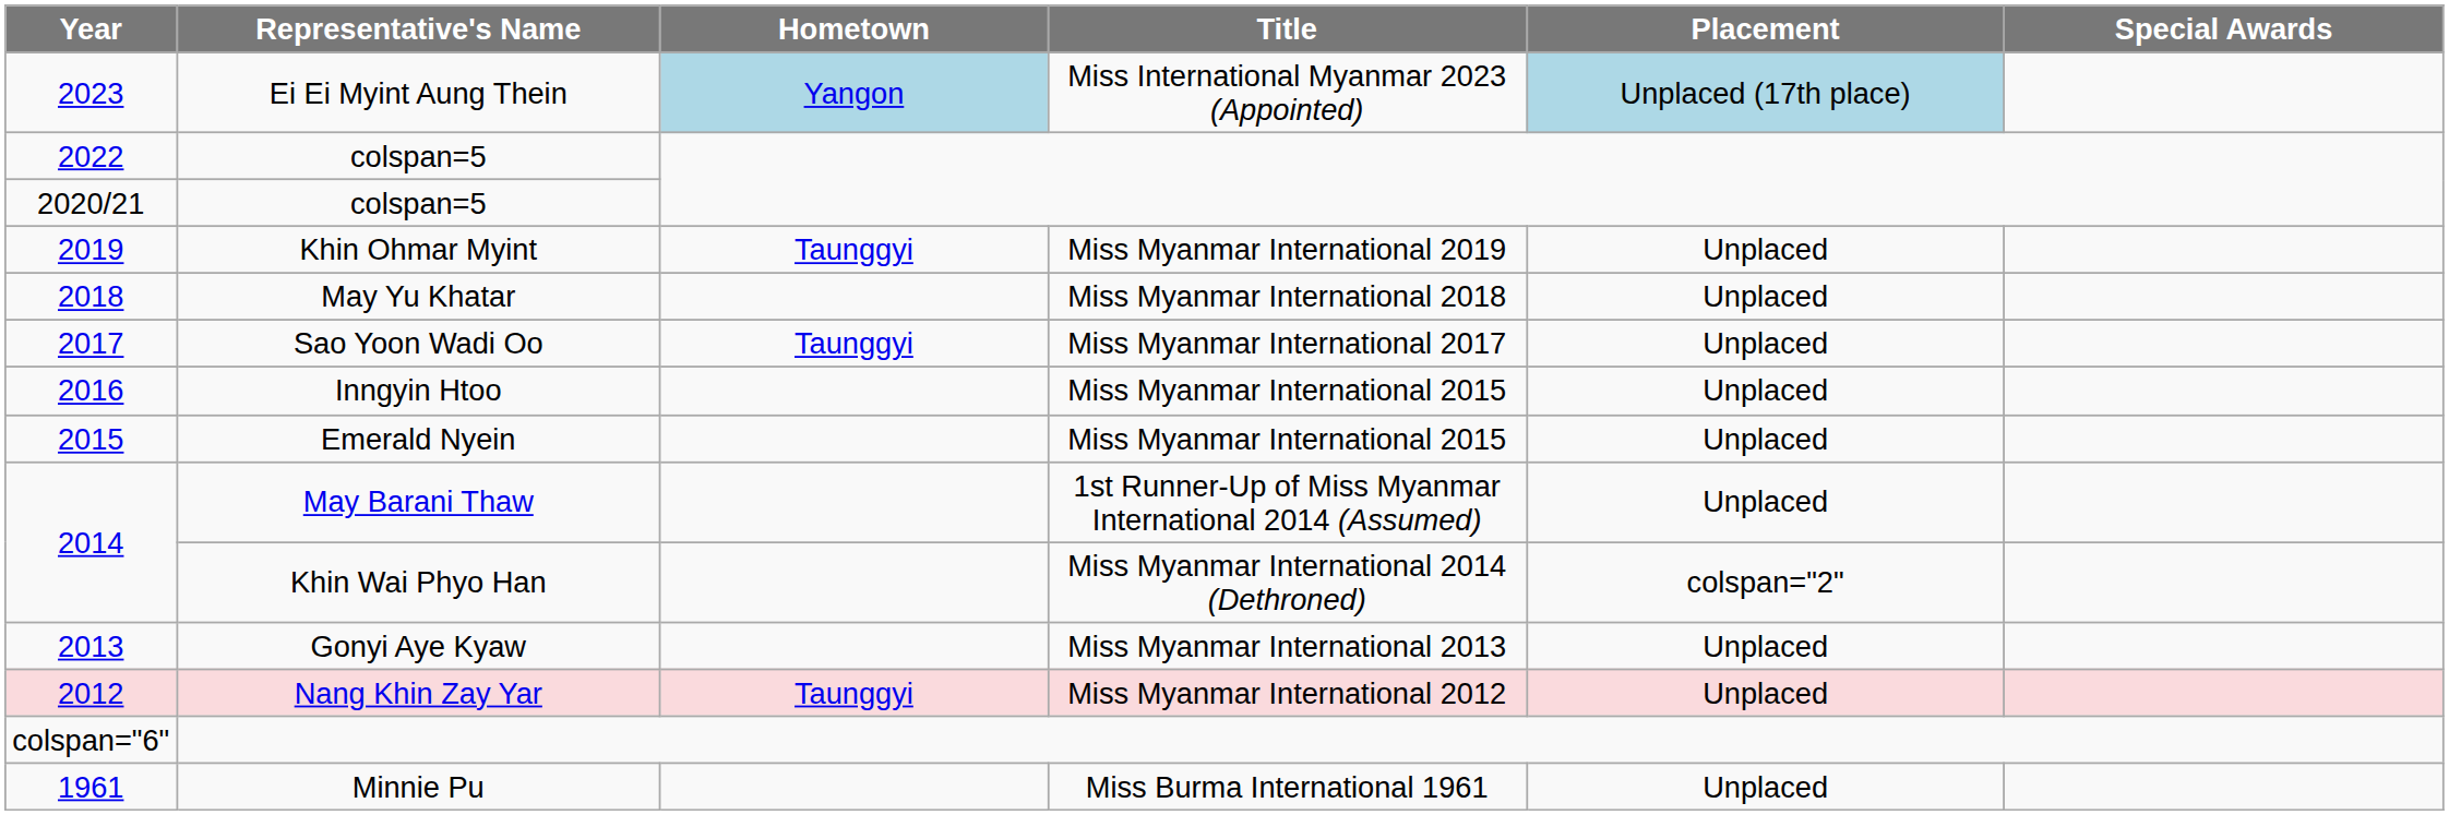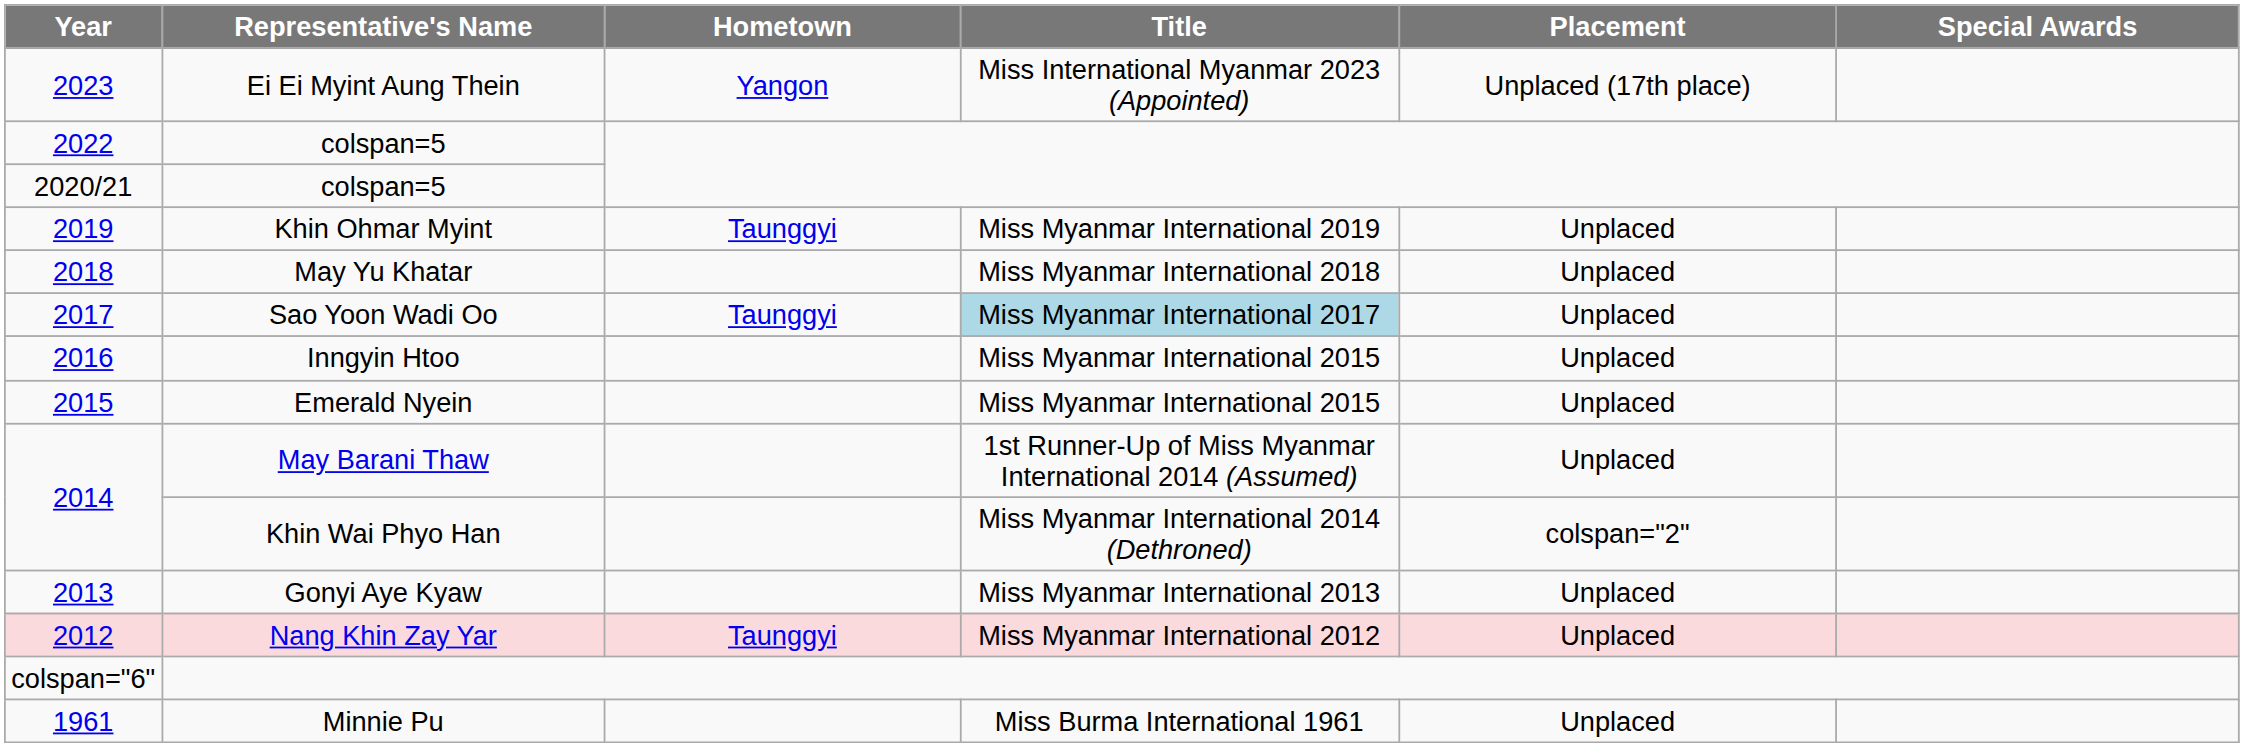 <table class="wikitable sortable" style="font-size: 95%; text-align:center">
 <tr>
 <th width="60" style="background-color:#787878;color:#FFFFFF;">Year</th>
 <th width="250" style="background-color:#787878;color:#FFFFFF;">Representative's Name</th>
 <th width="200" style="background-color:#787878;color:#FFFFFF;">Hometown</th>
 <th width="250" style="background-color:#787878;color:#FFFFFF;">Title</th>
 <th width="250" style="background-color:#787878;color:#FFFFFF;">Placement</th>
 <th width="230" style="background-color:#787878;color:#FFFFFF;">Special Awards</th>
 </tr>
 <tr>
 <td><a href='#'>2023</a></td>
 <td align="center">Ei Ei Myint Aung Thein</td>
-<td align="center" style="background: lightblue;"> <a href='#'>Yangon</a></td>
+<td align="center"> <a href='#'>Yangon</a></td>
 <td>Miss International Myanmar 2023 <em>(Appointed)</em></td>
-<td align="center" style="background: lightblue;">Unplaced (17th place)</td>
+<td align="center">Unplaced (17th place)</td>
 <td></td>
 </tr>
 <tr>
 <td><a href='#'>2022</a></td>
 <td>colspan=5 </td>
 </tr>
 <tr>
 <td>2020/21</td>
 <td>colspan=5 </td>
 </tr>
 <tr>
 <td><a href='#'>2019</a></td>
 <td align="center">Khin Ohmar Myint</td>
 <td align="center"> <a href='#'>Taunggyi</a></td>
 <td>Miss Myanmar International 2019</td>
 <td align="center">Unplaced</td>
 <td></td>
 </tr>
 <tr>
 <td><a href='#'>2018</a></td>
 <td align="center">May Yu Khatar</td>
 <td align="center"></td>
 <td>Miss Myanmar International 2018</td>
 <td align="center">Unplaced</td>
 <td></td>
 </tr>
 <tr>
 <td><a href='#'>2017</a></td>
 <td align="center">Sao Yoon Wadi Oo</td>
 <td align="center"> <a href='#'>Taunggyi</a></td>
-<td>Miss Myanmar International 2017</td>
+<td style="background: lightblue;">Miss Myanmar International 2017</td>
 <td align="center">Unplaced</td>
 <td></td>
 </tr>
 <tr>
 <td><a href='#'>2016</a></td>
 <td align="center">Inngyin Htoo</td>
 <td align="center"></td>
 <td>Miss Myanmar International 2015</td>
 <td align="center">Unplaced</td>
 <td></td>
 </tr>
 <tr>
 <td><a href='#'>2015</a></td>
 <td align="center">Emerald Nyein</td>
 <td align="center"></td>
 <td>Miss Myanmar International 2015</td>
 <td align="center">Unplaced</td>
 <td></td>
 </tr>
 <tr>
 <td rowspan="2"><a href='#'>2014</a></td>
 <td align="center"><a href='#'>May Barani Thaw</a></td>
 <td align="center"></td>
 <td>1st Runner-Up of Miss Myanmar International 2014 <em>(Assumed)</em></td>
 <td align="center">Unplaced</td>
 <td></td>
 </tr>
 <tr>
 <td>Khin Wai Phyo Han</td>
 <td></td>
 <td>Miss Myanmar International 2014 <em>(Dethroned)</em></td>
 <td>colspan="2" </td>
 </tr>
 <tr>
 <td><a href='#'>2013</a></td>
 <td align="center">Gonyi Aye Kyaw</td>
 <td align="center"></td>
 <td>Miss Myanmar International 2013</td>
 <td align="center">Unplaced</td>
 <td></td>
 </tr>
 <tr style="background-color:#FADADD; ">
 <td><a href='#'>2012</a></td>
 <td align="center"><a href='#'>Nang Khin Zay Yar</a></td>
 <td align="center"> <a href='#'>Taunggyi</a></td>
 <td>Miss Myanmar International 2012</td>
 <td align="center">Unplaced</td>
 <td style="background:;"></td>
 </tr>
 <tr>
 <td>colspan="6" </td>
 </tr>
 <tr>
 <td><a href='#'>1961</a></td>
 <td align="center">Minnie Pu</td>
 <td align="center"></td>
 <td>Miss Burma International 1961</td>
 <td align="center">Unplaced</td>
 <td></td>
 </tr>
 </table>
